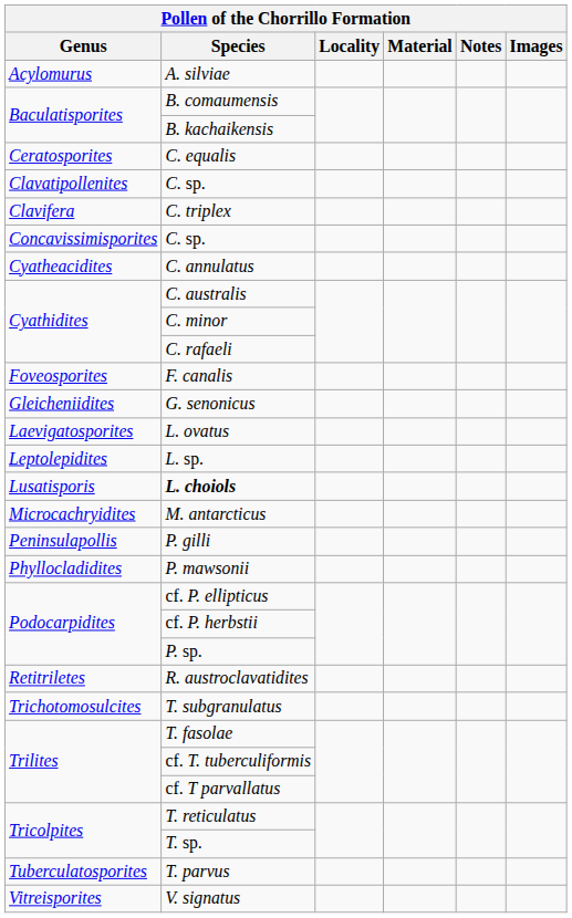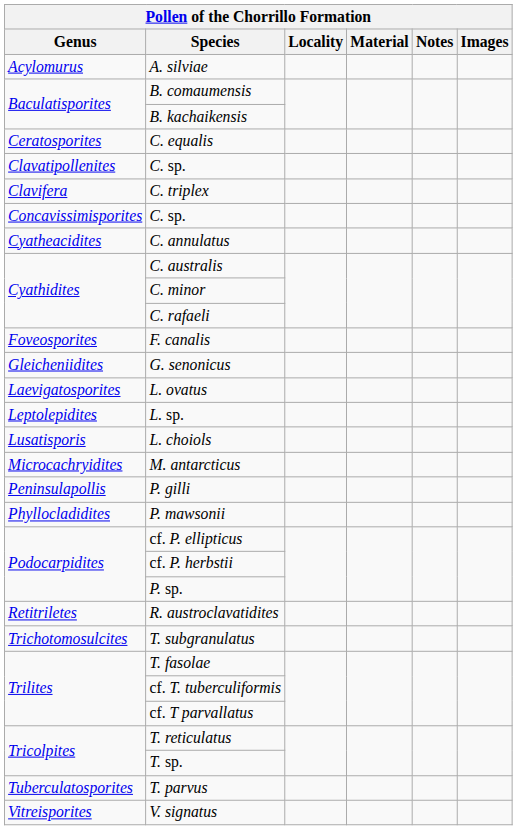 <table class="wikitable" align="center">
 <tr>
 <th colspan="7" align="center"><a href='#'>Pollen</a> of the Chorrillo Formation</th>
 </tr>
 <tr>
 <th>Genus</th>
 <th>Species</th>
 <th>Locality</th>
 <th>Material</th>
 <th>Notes</th>
 <th>Images</th>
 </tr>
 <tr>
 <td><em><a href='#'>Acylomurus</a></em></td>
 <td><em>A. silviae</em></td>
 <td></td>
 <td></td>
 <td></td>
 <td></td>
 </tr>
 <tr>
 <td rowspan = "2"><em><a href='#'>Baculatisporites</a></em></td>
 <td><em>B. comaumensis</em></td>
 <td rowspan = "2"></td>
 <td rowspan = "2"></td>
 <td rowspan = "2"></td>
 <td rowspan = "2"></td>
 </tr>
 <tr>
 <td><em>B. kachaikensis</em></td>
 </tr>
 <tr>
 <td><em><a href='#'>Ceratosporites</a></em></td>
 <td><em>C. equalis</em></td>
 <td></td>
 <td></td>
 <td></td>
 <td></td>
 </tr>
 <tr>
 <td><em><a href='#'>Clavatipollenites</a></em></td>
 <td><em>C.</em> sp.</td>
 <td></td>
 <td></td>
 <td></td>
 <td></td>
 </tr>
 <tr>
 <td><em><a href='#'>Clavifera</a></em></td>
 <td><em>C. triplex</em></td>
 <td></td>
 <td></td>
 <td></td>
 <td></td>
 </tr>
 <tr>
 <td><em><a href='#'>Concavissimisporites</a></em></td>
 <td><em>C.</em> sp.</td>
 <td></td>
 <td></td>
 <td></td>
 <td></td>
 </tr>
 <tr>
 <td><em><a href='#'>Cyatheacidites</a></em></td>
 <td><em>C. annulatus</em></td>
 <td></td>
 <td></td>
 <td></td>
 <td></td>
 </tr>
 <tr>
 <td rowspan = "3"><em><a href='#'>Cyathidites</a></em></td>
 <td><em>C. australis</em></td>
 <td rowspan = "3"></td>
 <td rowspan = "3"></td>
 <td rowspan = "3"></td>
 <td rowspan = "3"></td>
 </tr>
 <tr>
 <td><em>C. minor</em></td>
 </tr>
 <tr>
 <td><em>C. rafaeli</em></td>
 </tr>
 <tr>
 <td><em><a href='#'>Foveosporites</a></em></td>
 <td><em>F. canalis</em></td>
 <td></td>
 <td></td>
 <td></td>
 <td></td>
 </tr>
 <tr>
 <td><em><a href='#'>Gleicheniidites</a></em></td>
 <td><em>G. senonicus</em></td>
 <td></td>
 <td></td>
 <td></td>
 <td></td>
 </tr>
 <tr>
 <td><em><a href='#'>Laevigatosporites</a></em></td>
 <td><em>L. ovatus</em></td>
 <td></td>
 <td></td>
 <td></td>
 <td></td>
 </tr>
 <tr>
 <td><em><a href='#'>Leptolepidites</a></em></td>
 <td><em>L.</em> sp.</td>
 <td></td>
 <td></td>
 <td></td>
 <td></td>
 </tr>
 <tr>
 <td><em><a href='#'>Lusatisporis</a></em></td>
-<td><strong><em>L. choiols</em></strong></td>
+<td><em>L. choiols</em></td>
 <td></td>
 <td></td>
 <td></td>
 <td></td>
 </tr>
 <tr>
 <td><em><a href='#'>Microcachryidites</a></em></td>
 <td><em>M. antarcticus</em></td>
 <td></td>
 <td></td>
 <td></td>
 <td></td>
 </tr>
 <tr>
 <td><em><a href='#'>Peninsulapollis</a></em></td>
 <td><em>P. gilli</em></td>
 <td></td>
 <td></td>
 <td></td>
 <td></td>
 </tr>
 <tr>
 <td><em><a href='#'>Phyllocladidites</a></em></td>
 <td><em>P. mawsonii</em></td>
 <td></td>
 <td></td>
 <td></td>
 <td></td>
 </tr>
 <tr>
 <td rowspan = "3"><em><a href='#'>Podocarpidites</a></em></td>
 <td>cf. <em>P. ellipticus</em></td>
 <td rowspan = "3"></td>
 <td rowspan = "3"></td>
 <td rowspan = "3"></td>
 <td rowspan = "3"></td>
 </tr>
 <tr>
 <td>cf. <em>P. herbstii</em></td>
 </tr>
 <tr>
 <td><em>P.</em> sp.</td>
 </tr>
 <tr>
 <td><em><a href='#'>Retitriletes</a></em></td>
 <td><em>R. austroclavatidites</em></td>
 <td></td>
 <td></td>
 <td></td>
 <td></td>
 </tr>
 <tr>
 <td><em><a href='#'>Trichotomosulcites</a></em></td>
 <td><em>T. subgranulatus</em></td>
 <td></td>
 <td></td>
 <td></td>
 <td></td>
 </tr>
 <tr>
 <td rowspan = "3"><em><a href='#'>Trilites</a></em></td>
 <td><em>T. fasolae</em></td>
 <td rowspan = "3"></td>
 <td rowspan = "3"></td>
 <td rowspan = "3"></td>
 <td rowspan = "3"></td>
 </tr>
 <tr>
 <td>cf. <em>T. tuberculiformis</em></td>
 </tr>
 <tr>
 <td>cf. <em>T parvallatus</em></td>
 </tr>
 <tr>
 <td rowspan = "2"><em><a href='#'>Tricolpites</a></em></td>
 <td><em>T. reticulatus</em></td>
 <td rowspan = "2"></td>
 <td rowspan = "2"></td>
 <td rowspan = "2"></td>
 <td rowspan = "2"></td>
 </tr>
 <tr>
 <td><em>T.</em> sp.</td>
 </tr>
 <tr>
 <td><em><a href='#'>Tuberculatosporites</a></em></td>
 <td><em>T. parvus</em></td>
 <td></td>
 <td></td>
 <td></td>
 <td></td>
 </tr>
 <tr>
 <td><em><a href='#'>Vitreisporites</a></em></td>
 <td><em>V. signatus</em></td>
 <td></td>
 <td></td>
 <td></td>
 <td></td>
 </tr>
 </table>
